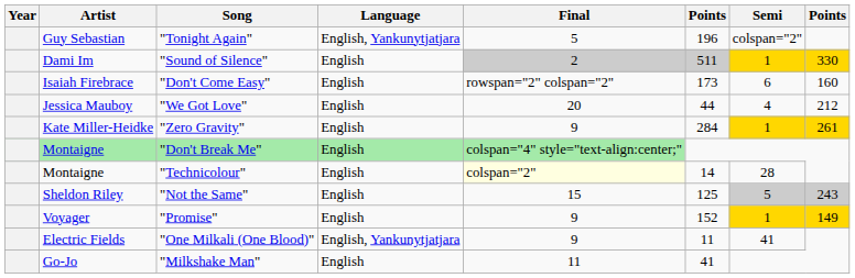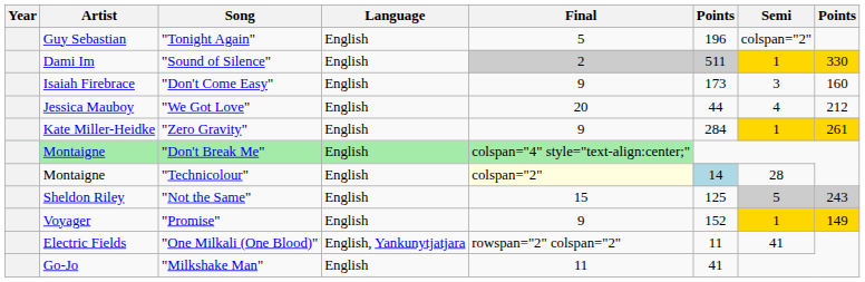 <table class="wikitable sortable plainrowheaders">
 <tr>
 <th scope="col">Year</th>
 <th scope="col">Artist</th>
 <th scope="col">Song</th>
 <th scope="col">Language</th>
 <th scope="col" data-sort-type="number">Final</th>
 <th scope="col" data-sort-type="number">Points</th>
 <th scope="col" data-sort-type="number">Semi</th>
 <th scope="col" data-sort-type="number">Points</th>
 </tr>
 <tr>
 <th scope="row" style="text-align:center;"></th>
 <td><a href='#'>Guy Sebastian</a></td>
 <td>"<a href='#'>Tonight Again</a>"</td>
-<td>English, <a href='#'>Yankunytjatjara</a></td>
+<td>English</td>
 <td style=text-align:center;>5</td>
 <td style="text-align:center;">196</td>
 <td>colspan="2" </td>
 </tr>
 <tr>
 <th scope="row" style="text-align:center;"></th>
 <td><a href='#'>Dami Im</a></td>
 <td>"<a href='#'>Sound of Silence</a>"</td>
 <td>English</td>
 <td style="text-align:center; background-color:#CCC;">2</td>
 <td style="text-align:center; background-color:#CCC;">511</td>
 <td style="text-align:center; background-color:#FFD700">1</td>
 <td style="text-align:center; background-color:#FFD700">330</td>
 </tr>
 <tr>
 <th scope="row" style="text-align:center;"></th>
 <td><a href='#'>Isaiah Firebrace</a></td>
 <td>"<a href='#'>Don't Come Easy</a>"</td>
 <td>English</td>
-<td>rowspan="2" colspan="2" </td>
+<td style=text-align:center;>9</td>
 <td style="text-align:center;">173</td>
-<td style="text-align:center;">6</td>
+<td style="text-align:center;">3</td>
 <td style="text-align:center;">160</td>
 </tr>
 <tr>
 <th scope="row" style="text-align:center;"></th>
 <td><a href='#'>Jessica Mauboy</a></td>
 <td>"<a href='#'>We Got Love</a>"</td>
 <td>English</td>
 <td style=text-align:center;>20</td>
 <td style="text-align:center;">44</td>
 <td style="text-align:center;">4</td>
 <td style="text-align:center;">212</td>
 </tr>
 <tr>
 <th scope="row" style="text-align:center;"></th>
 <td><a href='#'>Kate Miller-Heidke</a></td>
 <td>"<a href='#'>Zero Gravity</a>"</td>
 <td>English</td>
 <td style=text-align:center;>9</td>
 <td style="text-align:center;">284</td>
 <td style="text-align:center; background-color:#FFD700">1</td>
 <td style="text-align:center; background-color:#FFD700">261</td>
 </tr>
 <tr bgcolor="#A4EAA9">
 <th scope="row" style="text-align:center;"></th>
 <td><a href='#'>Montaigne</a></td>
 <td>"<a href='#'>Don't Break Me</a>"</td>
 <td>English</td>
 <td>colspan="4" style="text-align:center;" </td>
 </tr>
 <tr>
 <th scope="row" style="text-align:center;"></th>
 <td>Montaigne</td>
 <td>"<a href='#'>Technicolour</a>"</td>
 <td>English</td>
 <td style="background: lightyellow;">colspan="2" </td>
-<td style="text-align:center;">14</td>
+<td style="background: lightblue; text-align:center;">14</td>
 <td style="text-align:center;">28</td>
 </tr>
 <tr>
 <th scope="row" style="text-align:center;"></th>
 <td><a href='#'>Sheldon Riley</a></td>
 <td>"<a href='#'>Not the Same</a>"</td>
 <td>English</td>
 <td style=text-align:center;>15</td>
 <td style="text-align:center;">125</td>
 <td style="text-align:center; background-color:#CCC">5</td>
 <td style="text-align:center; background-color:#CCC">243</td>
 </tr>
 <tr>
 <th scope="row" style="text-align:center;"></th>
 <td><a href='#'>Voyager</a></td>
 <td>"<a href='#'>Promise</a>"</td>
 <td>English</td>
 <td style=text-align:center;>9</td>
 <td style="text-align:center;">152</td>
 <td style="text-align:center; background-color:#FFD700">1</td>
 <td style="text-align:center; background-color:#FFD700">149</td>
 </tr>
 <tr>
 <th scope="row" style="text-align:center;"></th>
 <td><a href='#'>Electric Fields</a></td>
 <td>"<a href='#'>One <span>Milkali</span> (One Blood)</a>"</td>
 <td>English, <a href='#'>Yankunytjatjara</a></td>
-<td style=text-align:center;>9</td>
+<td>rowspan="2" colspan="2" </td>
 <td style=text-align:center;>11</td>
 <td style="text-align:center;">41</td>
 </tr>
 <tr>
 <th scope="row" style="text-align:center;"></th>
 <td><a href='#'>Go-Jo</a></td>
 <td>"<a href='#'>Milkshake Man</a>"</td>
 <td>English</td>
 <td style=text-align:center;>11</td>
 <td style="text-align:center;">41</td>
 </tr>
 </table>
